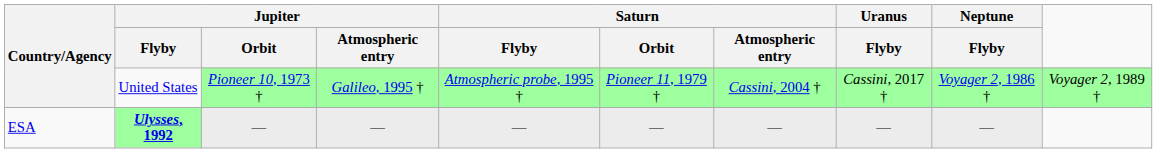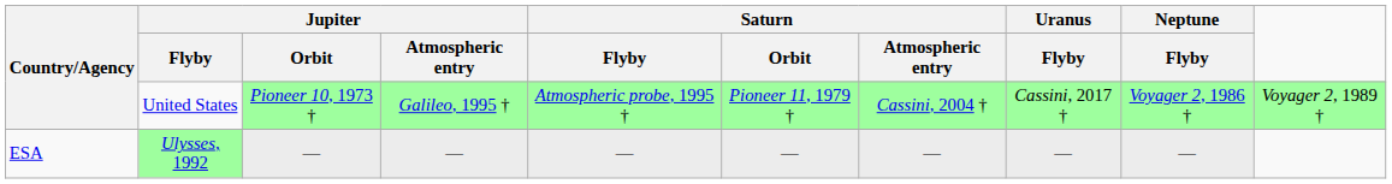 <table class="wikitable sortable">
 <tr>
 <th rowspan="3">Country/Agency</th>
 <th colspan="3">Jupiter</th>
 <th colspan="3">Saturn</th>
 <th>Uranus</th>
 <th>Neptune</th>
 </tr>
 <tr>
 <th>Flyby</th>
 <th>Orbit</th>
 <th>Atmospheric entry</th>
 <th>Flyby</th>
 <th>Orbit</th>
 <th>Atmospheric entry</th>
 <th>Flyby</th>
 <th>Flyby</th>
 </tr>
 <tr>
 <td> <a href='#'>United States</a></td>
 <td style="background:#9EFF9E; text-align:center;" data-sort-value="1"><a href='#'><em>Pioneer 10</em>, 1973</a> †</td>
 <td style="background:#9EFF9E; text-align:center;" data-sort-value="1"><a href='#'><em>Galileo</em>, 1995</a> †</td>
 <td style="background:#9EFF9E; text-align:center;" data-sort-value="1"><a href='#'><em>Atmospheric probe</em>, 1995</a> †</td>
 <td style="background:#9EFF9E; text-align:center;" data-sort-value="1"><a href='#'><em>Pioneer 11</em>, 1979</a> †</td>
 <td style="background:#9EFF9E; text-align:center;" data-sort-value="1"><a href='#'><em>Cassini</em>, 2004</a> †</td>
 <td style="background:#9EFF9E; text-align:center;" data-sort-value="1"><em>Cassini</em>, 2017 †</td>
 <td style="background:#9EFF9E; text-align:center;" data-sort-value="1"><a href='#'><em>Voyager 2</em>, 1986</a> †</td>
 <td style="background:#9EFF9E; text-align:center;" data-sort-value="1"><em>Voyager 2</em>, 1989 †</td>
 </tr>
 <tr>
 <td> <a href='#'>ESA</a></td>
-<td style="background:#9EFF9E; text-align:center;" data-sort-value="1"><strong><a href='#'><em>Ulysses</em>, 1992</a></strong></td>
+<td style="background:#9EFF9E; text-align:center;" data-sort-value="1"><a href='#'><em>Ulysses</em>, 1992</a></td>
 <td style="background:#ECECEC; text-align:center;" data-sort-value="1">—</td>
 <td style="background:#ECECEC; text-align:center;" data-sort-value="1">—</td>
 <td style="background:#ECECEC; text-align:center;" data-sort-value="1">—</td>
 <td style="background:#ECECEC; text-align:center;" data-sort-value="1">—</td>
 <td style="background:#ECECEC; text-align:center;" data-sort-value="1">—</td>
 <td style="background:#ECECEC; text-align:center;" data-sort-value="1">—</td>
 <td style="background:#ECECEC; text-align:center;" data-sort-value="1">—</td>
 </tr>
 </table>
